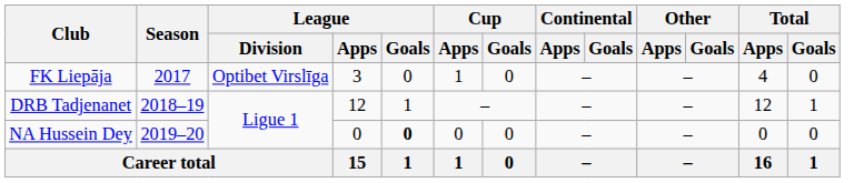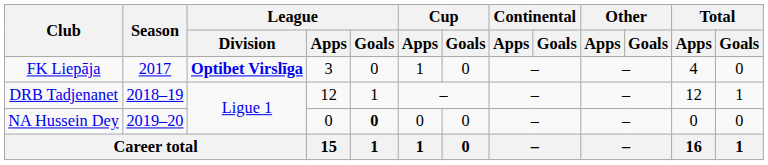 <table class="wikitable" style="text-align: center">
 <tr>
 <th rowspan="2">Club</th>
 <th rowspan="2">Season</th>
 <th colspan="3">League</th>
 <th colspan="2">Cup</th>
 <th colspan="2">Continental</th>
 <th colspan="2">Other</th>
 <th colspan="2">Total</th>
 </tr>
 <tr>
 <th>Division</th>
 <th>Apps</th>
 <th>Goals</th>
 <th>Apps</th>
 <th>Goals</th>
 <th>Apps</th>
 <th>Goals</th>
 <th>Apps</th>
 <th>Goals</th>
 <th>Apps</th>
 <th>Goals</th>
 </tr>
 <tr>
 <td><a href='#'>FK Liepāja</a></td>
 <td><a href='#'>2017</a></td>
-<td><a href='#'>Optibet Virslīga</a></td>
+<td><strong><a href='#'>Optibet Virslīga</a></strong></td>
 <td>3</td>
 <td>0</td>
 <td>1</td>
 <td>0</td>
 <td colspan="2">–</td>
 <td colspan="2">–</td>
 <td>4</td>
 <td>0</td>
 </tr>
 <tr>
 <td><a href='#'>DRB Tadjenanet</a></td>
 <td><a href='#'>2018–19</a></td>
 <td rowspan=2><a href='#'>Ligue 1</a></td>
 <td>12</td>
 <td>1</td>
 <td colspan="2">–</td>
 <td colspan="2">–</td>
 <td colspan="2">–</td>
 <td>12</td>
 <td>1</td>
 </tr>
 <tr>
 <td><a href='#'>NA Hussein Dey</a></td>
 <td><a href='#'>2019–20</a></td>
 <td>0</td>
 <td><strong>0</strong></td>
 <td>0</td>
 <td>0</td>
 <td colspan="2">–</td>
 <td colspan="2">–</td>
 <td>0</td>
 <td>0</td>
 </tr>
 <tr>
 <th colspan=3>Career total</th>
 <th>15</th>
 <th>1</th>
 <th>1</th>
 <th>0</th>
 <th colspan="2">–</th>
 <th colspan="2">–</th>
 <th>16</th>
 <th>1</th>
 </tr>
 </table>
